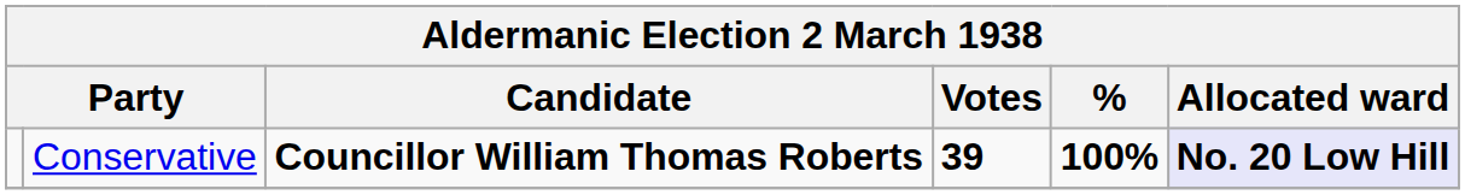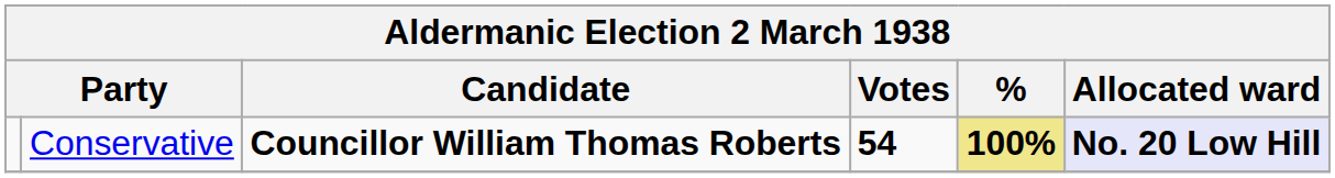 <table class="wikitable">
 <tr>
 <th colspan="6"><strong>Aldermanic Election 2 March 1938</strong></th>
 </tr>
 <tr>
 <th colspan="2">Party</th>
 <th>Candidate</th>
 <th>Votes</th>
 <th>%</th>
 <th>Allocated ward</th>
 </tr>
 <tr>
 <td style="background-color:"></td>
 <td><a href='#'>Conservative</a></td>
 <td><strong>Councillor William Thomas Roberts</strong></td>
-<td><strong>39</strong></td>
-<td><strong>100%</strong></td>
+<td><strong>54</strong></td>
+<td style="background: khaki;"><strong>100%</strong></td>
 <td style="background: lavender;"><strong>No. 20 Low Hill</strong></td>
 </tr>
 <tr>
 </tr>
 </table>
